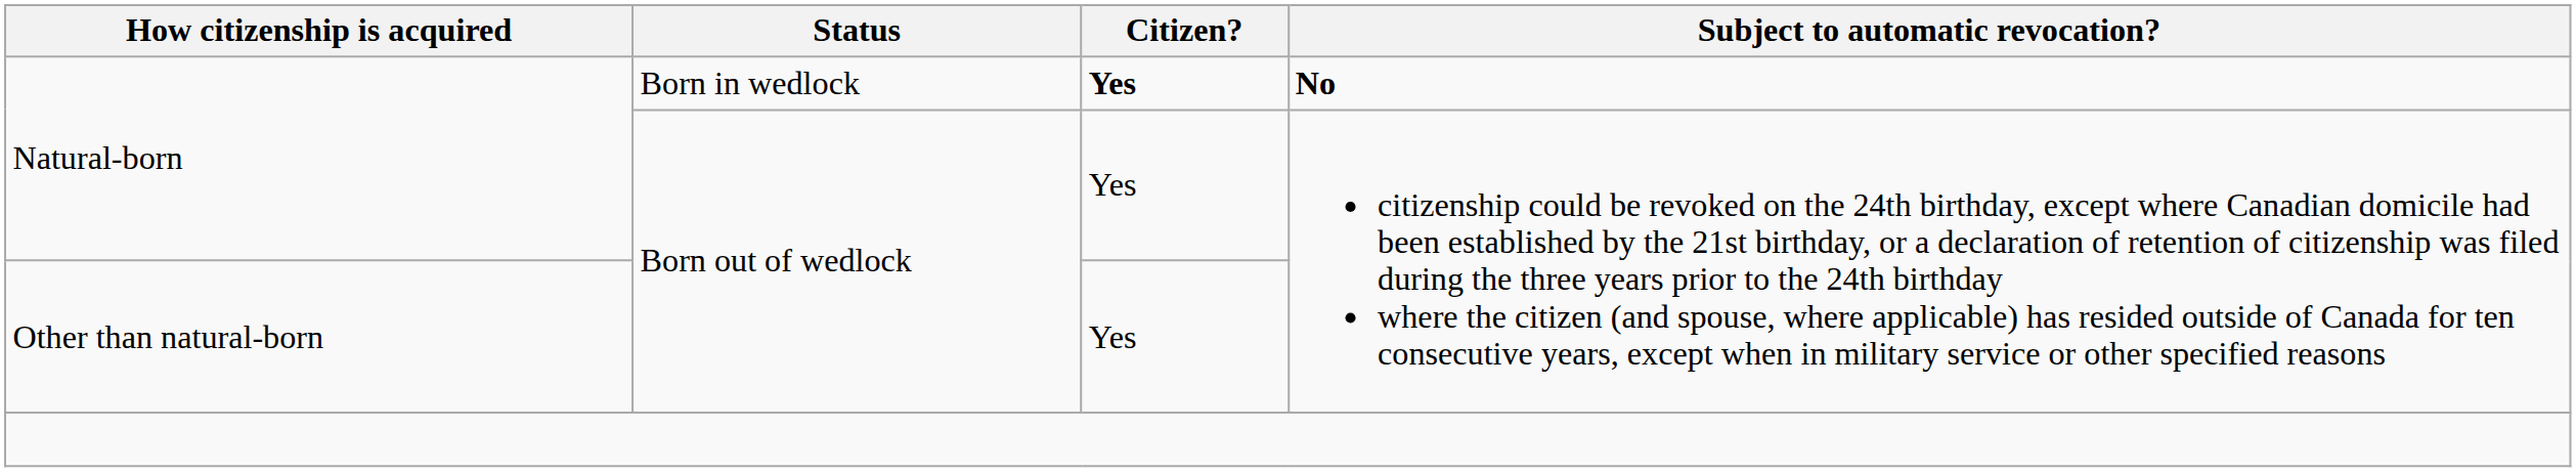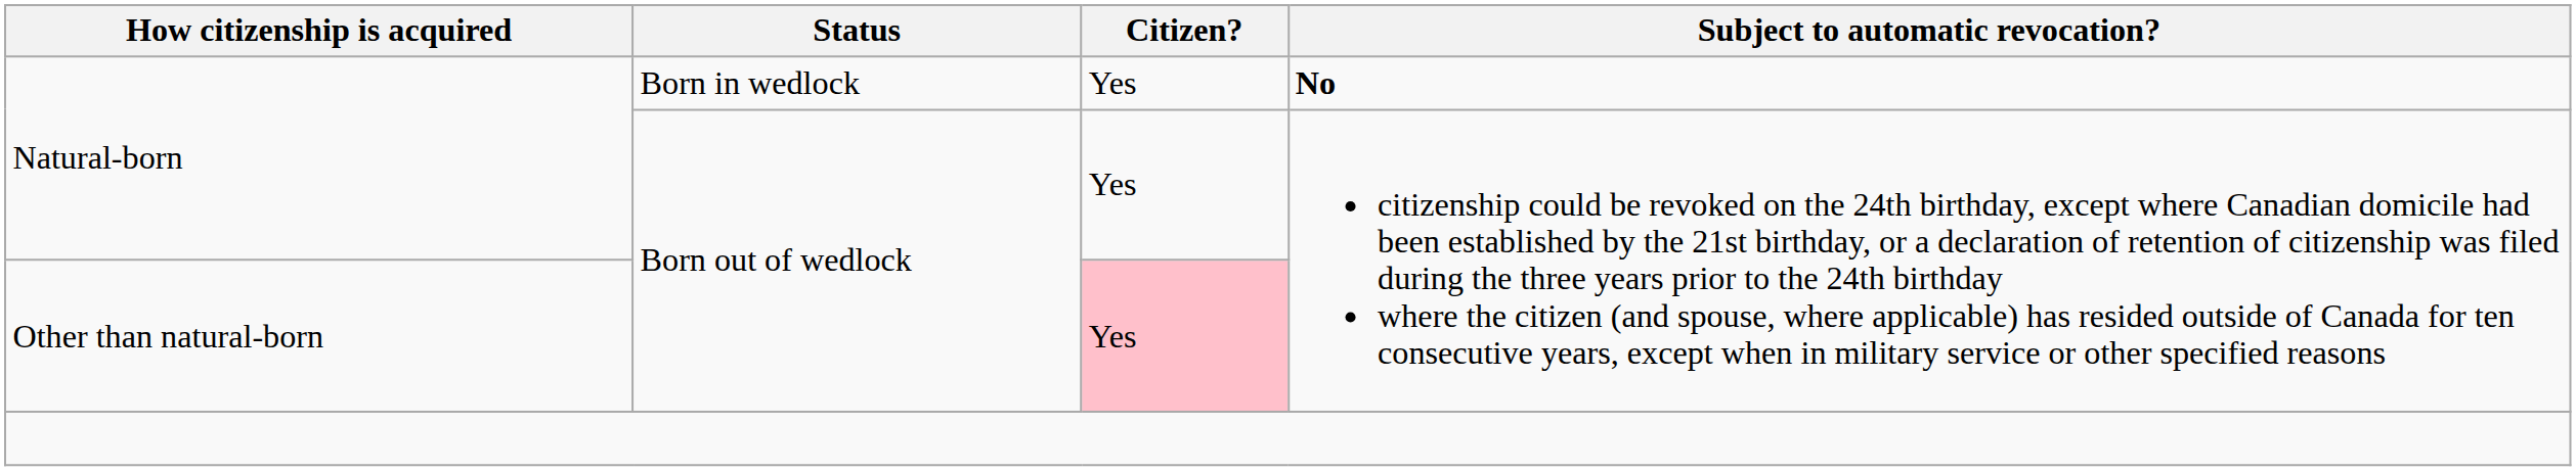 <table class="wikitable">
 <tr>
 <th>How citizenship is acquired</th>
 <th>Status</th>
 <th>Citizen?</th>
 <th scope="col" style="width: 50%;">Subject to automatic revocation?</th>
 </tr>
 <tr>
 <td rowspan="2">Natural-born</td>
 <td>Born in wedlock</td>
-<td><strong>Yes</strong></td>
+<td>Yes</td>
 <td><strong>No</strong></td>
 </tr>
 <tr>
 <td rowspan="2">Born out of wedlock</td>
 <td>Yes</td>
 <td rowspan="2"><br><ul><li>citizenship could be revoked on the 24th birthday, except where Canadian domicile had been established by the 21st birthday, or a declaration of retention of citizenship was filed during the three years prior to the 24th birthday</li><li>where the citizen (and spouse, where applicable) has resided outside of Canada for ten consecutive years, except when in military service or other specified reasons</li></ul></td>
 </tr>
 <tr>
 <td>Other than natural-born</td>
-<td>Yes</td>
+<td style="background: pink;">Yes</td>
 </tr>
 <tr>
 <td colspan="4"><br></td>
 </tr>
 </table>
